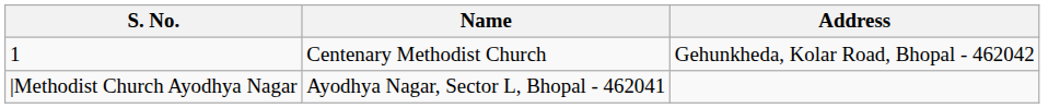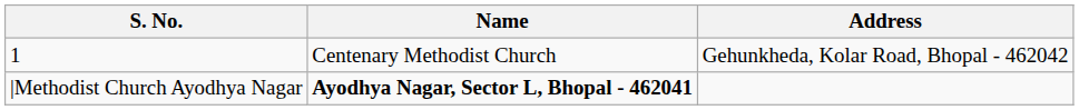 <table class="wikitable">
 <tr>
 <th>S. No.</th>
 <th>Name</th>
 <th>Address</th>
 </tr>
 <tr>
 <td>1</td>
 <td>Centenary Methodist Church</td>
 <td>Gehunkheda, Kolar Road, Bhopal - 462042</td>
 </tr>
 <tr>
 <td 2>|Methodist Church Ayodhya Nagar</td>
-<td>Ayodhya Nagar, Sector L, Bhopal - 462041</td>
+<td><strong>Ayodhya Nagar, Sector L, Bhopal - 462041</strong></td>
 </tr>
 </table>
